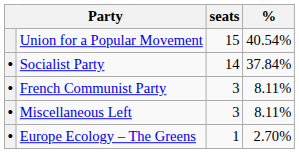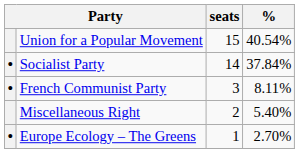 <table class="wikitable" style="font-size: 95%;">
 <tr>
 <th colspan=2>Party</th>
 <th>seats</th>
 <th>%</th>
 </tr>
 <tr>
 <th style="background-color: "></th>
 <td><a href='#'>Union for a Popular Movement</a></td>
 <td align="right">15</td>
 <td align="right">40.54%</td>
 </tr>
 <tr>
 <th style="background-color: "><span>•</span></th>
 <td><a href='#'>Socialist Party</a></td>
 <td align="right">14</td>
 <td align="right">37.84%</td>
 </tr>
 <tr>
 <th style="background-color: "><span>•</span></th>
 <td><a href='#'>French Communist Party</a></td>
 <td align="right">3</td>
 <td align="right">8.11%</td>
 </tr>
 <tr>
-<th style="background-color: "><span>•</span></th>
-<td><a href='#'>Miscellaneous Left</a></td>
-<td align="right">3</td>
-<td align="right">8.11%</td>
+<th style="background-color: "></th>
+<td><a href='#'>Miscellaneous Right</a></td>
+<td align="right">2</td>
+<td align="right">5.40%</td>
 </tr>
 <tr>
 <th style="background-color: "><span>•</span></th>
 <td><a href='#'>Europe Ecology – The Greens</a></td>
 <td align="right">1</td>
 <td align="right">2.70%</td>
 </tr>
 <tr>
 </tr>
 </table>
